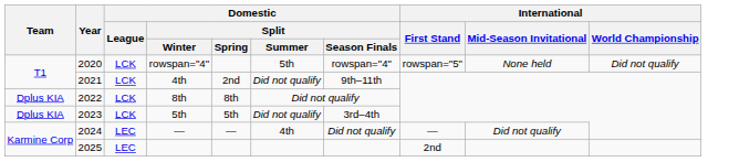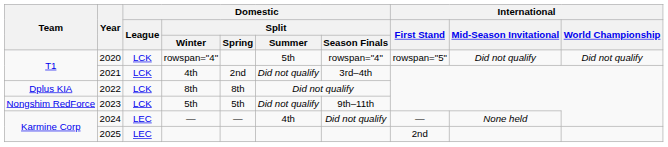 <table class="wikitable" style="font-size:90%; text-align:center;">
 <tr style="background:#f0f6ff;">
 <th rowspan=3>Team</th>
 <th rowspan=3>Year</th>
 <th colspan=5>Domestic</th>
 <th colspan=3>International</th>
 </tr>
 <tr>
 <th rowspan=2>League</th>
 <th colspan=4>Split</th>
 <th rowspan=2><a href='#'>First Stand</a></th>
 <th rowspan=2><a href='#'>Mid-Season Invitational</a></th>
 <th rowspan=2><a href='#'>World Championship</a></th>
 </tr>
 <tr>
 <th>Winter</th>
 <th>Spring</th>
 <th>Summer</th>
 <th>Season Finals</th>
 </tr>
 <tr>
 <td rowspan="2"><a href='#'>T1</a></td>
 <td>2020</td>
 <td><a href='#'>LCK</a></td>
 <td>rowspan="4" </td>
 <td></td>
 <td>5th</td>
 <td>rowspan="4" </td>
 <td>rowspan="5" </td>
-<td><em>None held</em></td>
+<td><em>Did not qualify</em></td>
 <td><em>Did not qualify</em></td>
 </tr>
 <tr>
 <td>2021</td>
 <td><a href='#'>LCK</a></td>
 <td>4th</td>
 <td>2nd</td>
 <td><em>Did not qualify</em></td>
-<td>9th–11th</td>
+<td>3rd–4th</td>
 </tr>
 <tr>
 <td><a href='#'>Dplus KIA</a></td>
 <td>2022</td>
 <td><a href='#'>LCK</a></td>
 <td>8th</td>
 <td>8th</td>
 <td colspan="2"><em>Did not qualify</em></td>
 </tr>
 <tr>
-<td><a href='#'>Dplus KIA</a></td>
+<td><a href='#'>Nongshim RedForce</a></td>
 <td>2023</td>
 <td><a href='#'>LCK</a></td>
 <td>5th</td>
 <td>5th</td>
 <td><em>Did not qualify</em></td>
-<td>3rd–4th</td>
+<td>9th–11th</td>
 </tr>
 <tr>
 <td rowspan="2"><a href='#'>Karmine Corp</a></td>
 <td>2024</td>
 <td><a href='#'>LEC</a></td>
 <td>—</td>
 <td>—</td>
 <td>4th</td>
 <td><em>Did not qualify</em></td>
 <td>—</td>
-<td><em>Did not qualify</em></td>
+<td><em>None held</em></td>
 </tr>
 <tr>
 <td>2025</td>
 <td><a href='#'>LEC</a></td>
 <td></td>
 <td></td>
 <td></td>
 <td></td>
 <td>2nd</td>
 <td></td>
 <td></td>
 </tr>
 </table>
